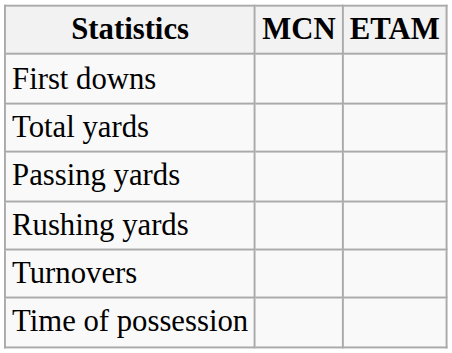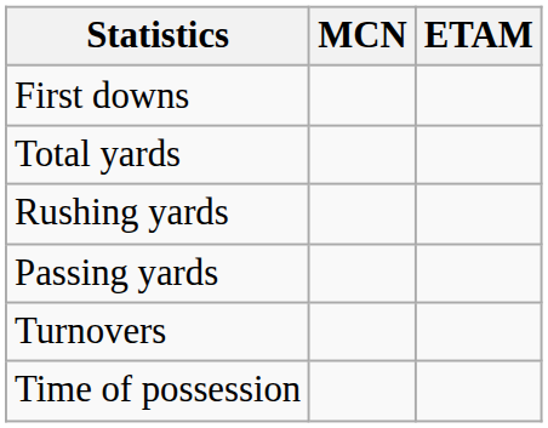 <table class="wikitable" style="float:left">
 <tr>
 <th>Statistics</th>
 <th>MCN</th>
 <th>ETAM</th>
 </tr>
 <tr>
 <td>First downs</td>
 <td></td>
 <td></td>
 </tr>
 <tr>
 <td>Total yards</td>
 <td></td>
 <td></td>
 </tr>
 <tr>
-<td>Passing yards</td>
+<td>Rushing yards</td>
 <td></td>
 <td></td>
 </tr>
 <tr>
-<td>Rushing yards</td>
+<td>Passing yards</td>
 <td></td>
 <td></td>
 </tr>
 <tr>
 <td>Turnovers</td>
 <td></td>
 <td></td>
 </tr>
 <tr>
 <td>Time of possession</td>
 <td></td>
 <td></td>
 </tr>
 </table>
